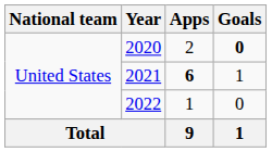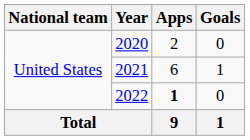 <table class="wikitable" style="text-align:center">
 <tr>
 <th>National team</th>
 <th>Year</th>
 <th>Apps</th>
 <th>Goals</th>
 </tr>
 <tr>
 <td rowspan="3"><a href='#'>United States</a></td>
 <td><a href='#'>2020</a></td>
 <td>2</td>
-<td><strong>0</strong></td>
+<td>0</td>
 </tr>
 <tr>
 <td><a href='#'>2021</a></td>
-<td><strong>6</strong></td>
+<td>6</td>
 <td>1</td>
 </tr>
 <tr>
 <td><a href='#'>2022</a></td>
-<td>1</td>
+<td><strong>1</strong></td>
 <td>0</td>
 </tr>
 <tr>
 <th colspan="2">Total</th>
 <th>9</th>
 <th>1</th>
 </tr>
 </table>
